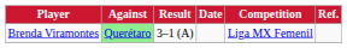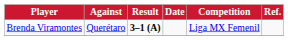 <table class="wikitable">
 <tr>
 <th style=background-color:#CD1731;color:#FFFFFF>Player</th>
 <th style=background-color:#CD1731;color:#FFFFFF>Against</th>
 <th style=background-color:#CD1731;color:#FFFFFF>Result</th>
 <th style=background-color:#CD1731;color:#FFFFFF>Date</th>
 <th style=background-color:#CD1731;color:#FFFFFF>Competition</th>
 <th style=background-color:#CD1731;color:#FFFFFF>Ref.</th>
 </tr>
 <tr>
 <td> <a href='#'>Brenda Viramontes</a></td>
-<td style="background: lightgreen;"><a href='#'>Querétaro</a></td>
-<td>3–1 (A)</td>
+<td><a href='#'>Querétaro</a></td>
+<td><strong>3–1 (A)</strong></td>
 <td></td>
 <td><a href='#'>Liga MX Femenil</a></td>
 <td align=center></td>
 </tr>
 <tr>
 </tr>
 </table>
